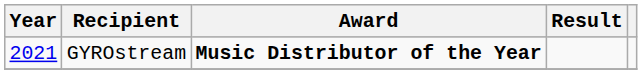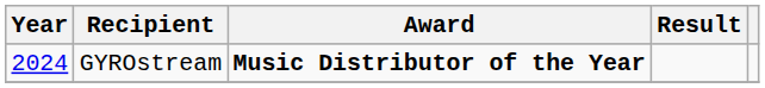 <table class="wikitable sortable" ; style="text-align: center;">
 <tr>
 <th>Year</th>
 <th>Recipient</th>
 <th>Award</th>
 <th>Result</th>
 <th></th>
 </tr>
 <tr>
-<td><a href='#'>2021</a></td>
+<td><a href='#'>2024</a></td>
 <td scope="row">GYROstream</td>
 <td scope="row"><strong>Music Distributor of the Year</strong></td>
 <td></td>
 <td></td>
 </tr>
 <tr>
 </tr>
 </table>
